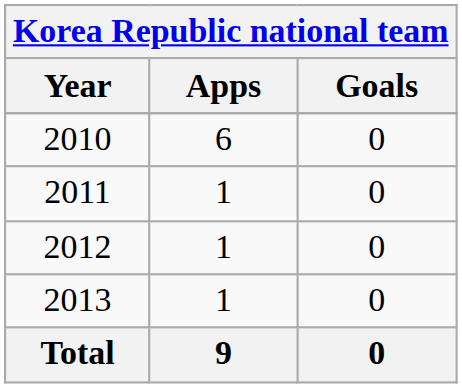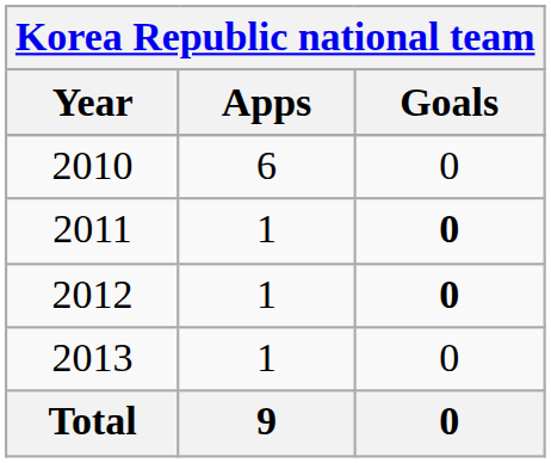 <table class="wikitable" style="text-align:center">
 <tr>
 <th colspan=3><a href='#'>Korea Republic national team</a></th>
 </tr>
 <tr>
 <th>Year</th>
 <th>Apps</th>
 <th>Goals</th>
 </tr>
 <tr>
 </tr>
 <tr>
 <td>2010</td>
 <td>6</td>
 <td>0</td>
 </tr>
 <tr>
 <td>2011</td>
 <td>1</td>
-<td>0</td>
+<td><strong>0</strong></td>
 </tr>
 <tr>
 <td>2012</td>
 <td>1</td>
-<td>0</td>
+<td><strong>0</strong></td>
 </tr>
 <tr>
 <td>2013</td>
 <td>1</td>
 <td>0</td>
 </tr>
 <tr>
 <th>Total</th>
 <th>9</th>
 <th>0</th>
 </tr>
 </table>
